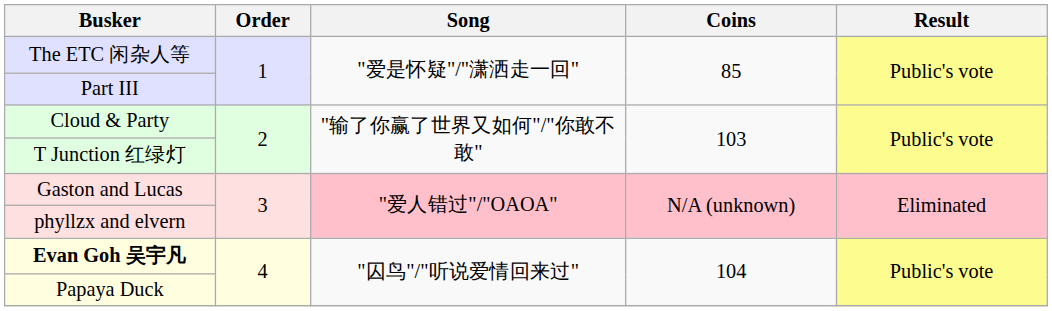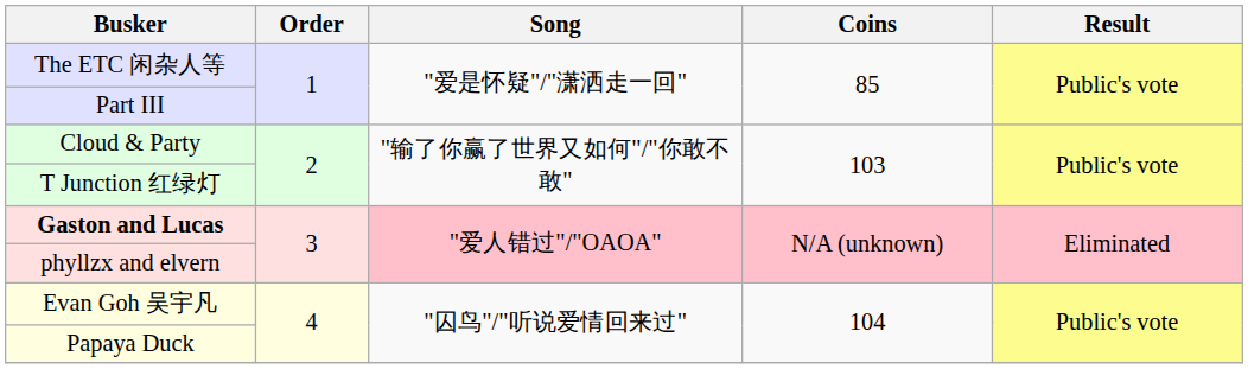 <table class="wikitable" style="text-align:center; width:65%;">
 <tr>
 <th style="width:10%;">Busker</th>
 <th style="width:3%;">Order</th>
 <th style="width:15%;">Song</th>
 <th style="width:10%;">Coins</th>
 <th style="width:10%;">Result</th>
 </tr>
 <tr>
 <td style="background:#E0E0FF">The ETC 闲杂人等</td>
 <td style="background:#E0E0FF" rowspan=2>1</td>
 <td rowspan=2>"爱是怀疑"/"潇洒走一回"</td>
 <td rowspan=2>85</td>
 <td rowspan=2 style="background:#fdfc8f">Public's vote</td>
 </tr>
 <tr>
 <td style="background:#E0E0FF">Part III</td>
 </tr>
 <tr>
 <td style="background:#E0FFE0">Cloud & Party</td>
 <td style="background:#E0FFE0" rowspan=2>2</td>
 <td rowspan=2>"输了你赢了世界又如何"/"你敢不敢"</td>
 <td rowspan=2>103</td>
 <td rowspan=2 style="background:#fdfc8f">Public's vote</td>
 </tr>
 <tr>
 <td style="background:#E0FFE0">T Junction 红绿灯</td>
 </tr>
 <tr>
-<td style="background:#FFE0E0">Gaston and Lucas</td>
+<td style="background:#FFE0E0"><strong>Gaston and Lucas</strong></td>
 <td style="background:#FFE0E0" rowspan=2>3</td>
 <td rowspan=2 style="background:pink">"爱人错过"/"OAOA"</td>
 <td rowspan=2 style="background:pink">N/A (unknown)</td>
 <td rowspan=2 style="background:pink">Eliminated</td>
 </tr>
 <tr>
 <td style="background:#FFE0E0">phyllzx and elvern</td>
 </tr>
 <tr>
-<td style="background:#FFFFE0"><strong>Evan Goh 吴宇凡</strong></td>
+<td style="background:#FFFFE0">Evan Goh 吴宇凡</td>
 <td style="background:#FFFFE0" rowspan=2>4</td>
 <td rowspan=2>"囚鸟"/"听说爱情回来过"</td>
 <td rowspan=2>104</td>
 <td rowspan=2 style="background:#fdfc8f">Public's vote</td>
 </tr>
 <tr>
 <td style="background:#FFFFE0">Papaya Duck</td>
 </tr>
 <tr>
 </tr>
 </table>
